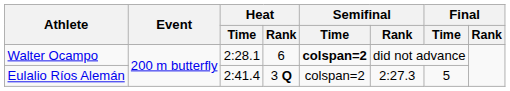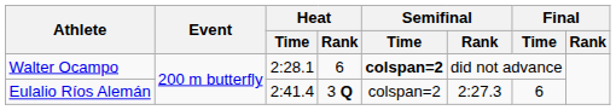 <table class=wikitable style="font-size:90%">
 <tr>
 <th rowspan=2>Athlete</th>
 <th rowspan=2>Event</th>
 <th colspan=2>Heat</th>
 <th colspan=2>Semifinal</th>
 <th colspan=2>Final</th>
 </tr>
 <tr style="font-size:95%">
 <th>Time</th>
 <th>Rank</th>
 <th>Time</th>
 <th>Rank</th>
 <th>Time</th>
 <th>Rank</th>
 </tr>
 <tr align=center>
 <td align=left><a href='#'>Walter Ocampo</a></td>
 <td align=left rowspan=2><a href='#'>200 m butterfly</a></td>
 <td>2:28.1</td>
 <td>6</td>
 <td><strong>colspan=2 </strong></td>
 <td colspan=2>did not advance</td>
 </tr>
 <tr align=center>
 <td align=left><a href='#'>Eulalio Ríos Alemán</a></td>
 <td>2:41.4</td>
 <td>3 <strong>Q</strong></td>
 <td>colspan=2 </td>
 <td>2:27.3</td>
-<td>5</td>
+<td>6</td>
 </tr>
 </table>
